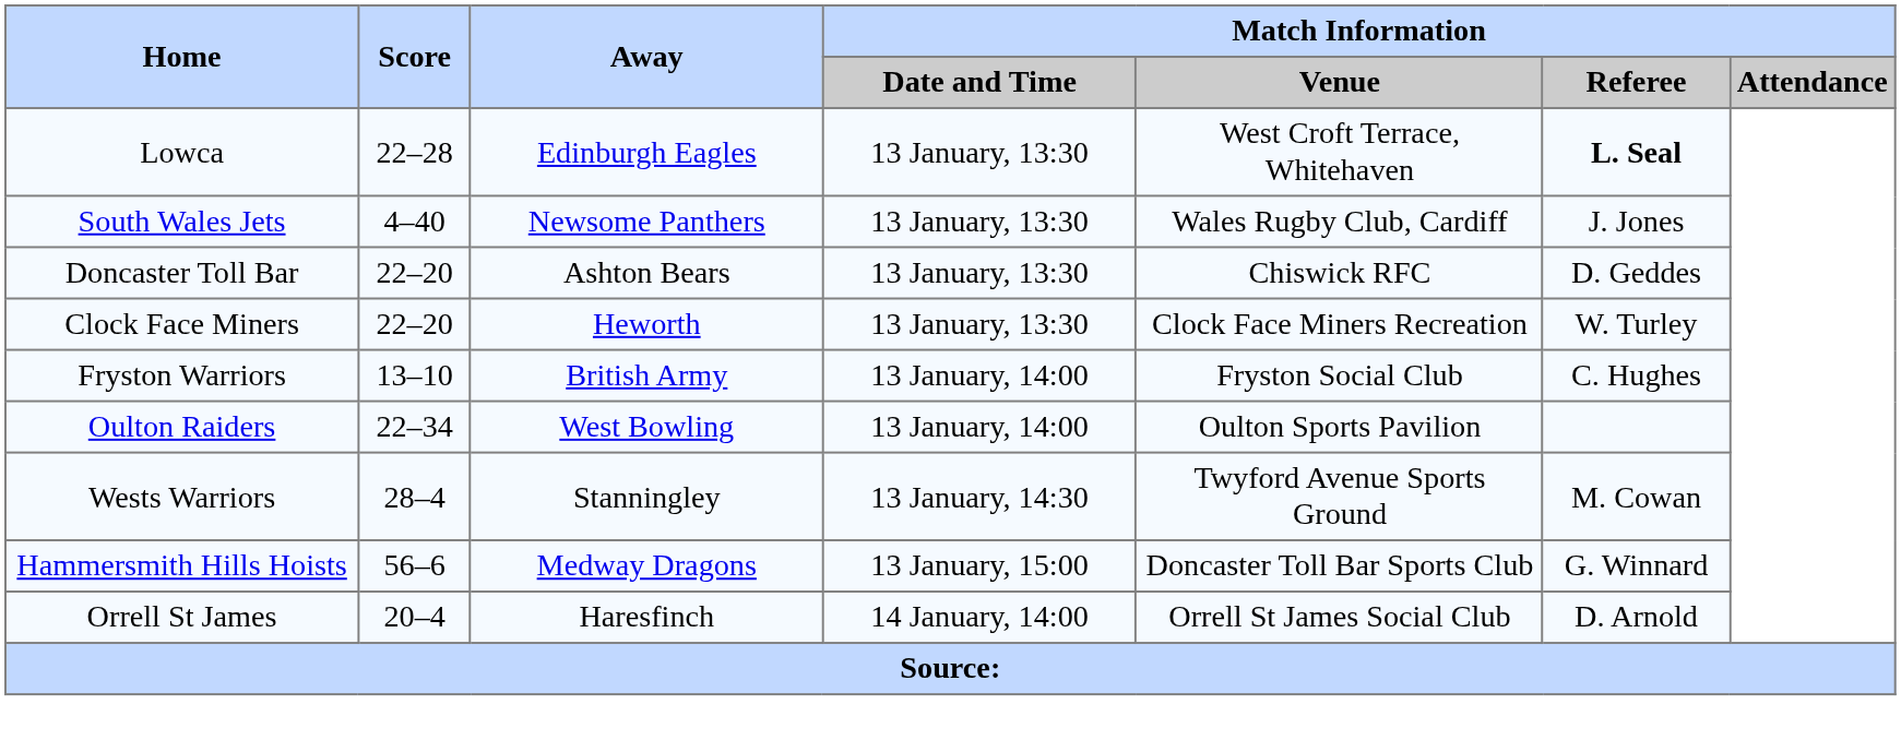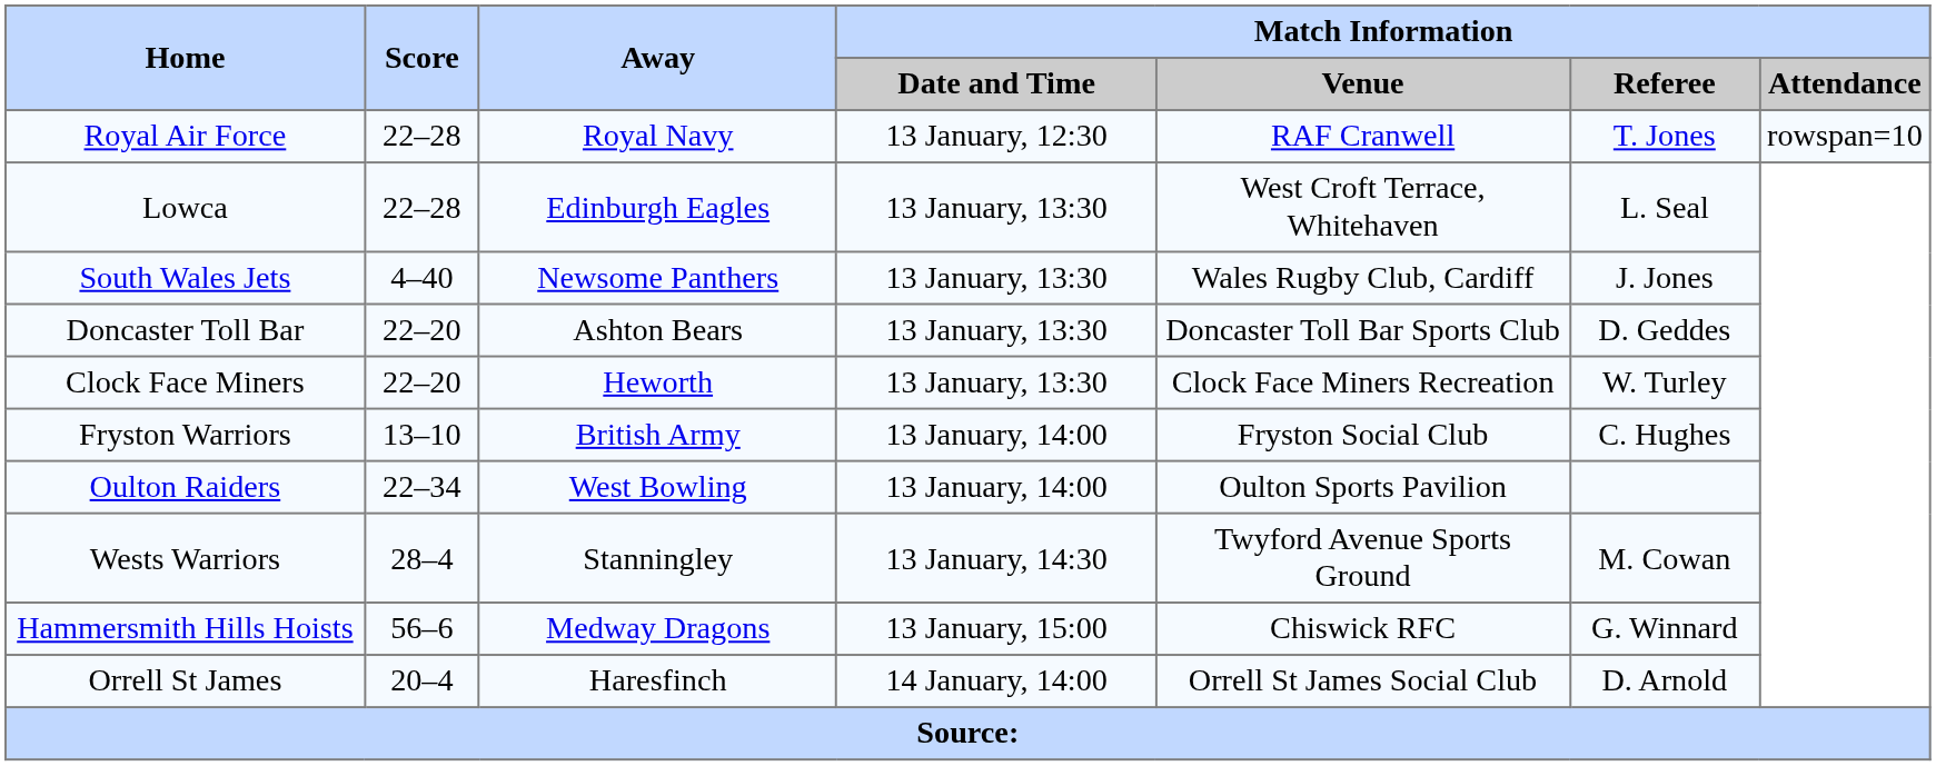 <table border=1 style="border-collapse:collapse; font-size:90%; text-align:center"; cellpadding=3 cellspacing=0 width=100%>
 <tr bgcolor="#c1d8ff">
 <th rowspan=2 width=19%>Home</th>
 <th rowspan=2 width=6%>Score</th>
 <th rowspan=2 width=19%>Away</th>
 <th colspan=4>Match Information</th>
 </tr>
 <tr bgcolor="#cccccc">
 <th width=17%>Date and Time</th>
 <th width=22%>Venue</th>
 <th width=10%>Referee</th>
 <th width=7%>Attendance</th>
 </tr>
 <tr bgcolor=#f5faff>
+<td><a href='#'>Royal Air Force</a></td>
+<td>22–28</td>
+<td><a href='#'>Royal Navy</a></td>
+<td>13 January, 12:30</td>
+<td><a href='#'>RAF Cranwell</a></td>
+<td><a href='#'>T. Jones</a></td>
+<td>rowspan=10 </td>
+</tr>
+<tr bgcolor=#f5faff>
 <td>Lowca</td>
 <td>22–28</td>
 <td><a href='#'>Edinburgh Eagles</a></td>
 <td>13 January, 13:30</td>
 <td>West Croft Terrace, Whitehaven</td>
-<td><strong>L. Seal</strong></td>
+<td>L. Seal</td>
 </tr>
 <tr bgcolor=#f5faff>
 <td><a href='#'>South Wales Jets</a></td>
 <td>4–40</td>
 <td><a href='#'>Newsome Panthers</a></td>
 <td>13 January, 13:30</td>
 <td>Wales Rugby Club, Cardiff</td>
 <td>J. Jones</td>
 </tr>
 <tr bgcolor=#f5faff>
 <td>Doncaster Toll Bar</td>
 <td>22–20</td>
 <td>Ashton Bears</td>
 <td>13 January, 13:30</td>
-<td>Chiswick RFC</td>
+<td>Doncaster Toll Bar Sports Club</td>
 <td>D. Geddes</td>
 </tr>
 <tr bgcolor=#f5faff>
 <td>Clock Face Miners</td>
 <td>22–20</td>
 <td><a href='#'>Heworth</a></td>
 <td>13 January, 13:30</td>
 <td>Clock Face Miners Recreation</td>
 <td>W. Turley</td>
 </tr>
 <tr bgcolor=#f5faff>
 <td>Fryston Warriors</td>
 <td>13–10</td>
 <td><a href='#'>British Army</a></td>
 <td>13 January, 14:00</td>
 <td>Fryston Social Club</td>
 <td>C. Hughes</td>
 </tr>
 <tr bgcolor=#f5faff>
 <td><a href='#'>Oulton Raiders</a></td>
 <td>22–34</td>
 <td><a href='#'>West Bowling</a></td>
 <td>13 January, 14:00</td>
 <td>Oulton Sports Pavilion</td>
 <td></td>
 </tr>
 <tr bgcolor=#f5faff>
 <td>Wests Warriors</td>
 <td>28–4</td>
 <td>Stanningley</td>
 <td>13 January, 14:30</td>
 <td>Twyford Avenue Sports Ground</td>
 <td>M. Cowan</td>
 </tr>
 <tr bgcolor=#f5faff>
 <td><a href='#'>Hammersmith Hills Hoists</a></td>
 <td>56–6</td>
 <td><a href='#'>Medway Dragons</a></td>
 <td>13 January, 15:00</td>
-<td>Doncaster Toll Bar Sports Club</td>
+<td>Chiswick RFC</td>
 <td>G. Winnard</td>
 </tr>
 <tr bgcolor=#f5faff>
 <td>Orrell St James</td>
 <td>20–4</td>
 <td>Haresfinch</td>
 <td>14 January, 14:00</td>
 <td>Orrell St James Social Club</td>
 <td>D. Arnold</td>
 </tr>
 <tr style="background:#c1d8ff;">
 <th colspan=7>Source:</th>
 </tr>
 </table>
